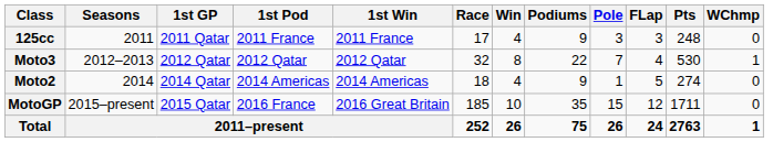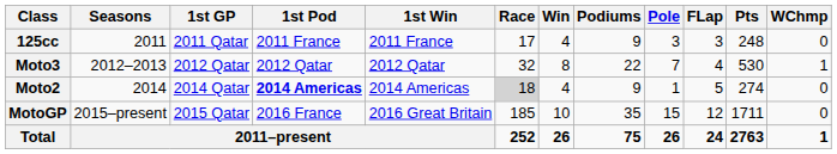 <table class="wikitable" style="text-align:right;">
 <tr>
 <th>Class</th>
 <th>Seasons</th>
 <th>1st GP</th>
 <th>1st Pod</th>
 <th>1st Win</th>
 <th>Race</th>
 <th>Win</th>
 <th>Podiums</th>
 <th><a href='#'>Pole</a></th>
 <th>FLap</th>
 <th>Pts</th>
 <th>WChmp</th>
 </tr>
 <tr>
 <th>125cc</th>
 <td>2011</td>
 <td style="text-align:left;"><a href='#'>2011 Qatar</a></td>
 <td style="text-align:left;"><a href='#'>2011 France</a></td>
 <td style="text-align:left;"><a href='#'>2011 France</a></td>
 <td>17</td>
 <td>4</td>
 <td>9</td>
 <td>3</td>
 <td>3</td>
 <td>248</td>
 <td>0</td>
 </tr>
 <tr>
 <th>Moto3</th>
 <td>2012–2013</td>
 <td style="text-align:left;"><a href='#'>2012 Qatar</a></td>
 <td style="text-align:left;"><a href='#'>2012 Qatar</a></td>
 <td style="text-align:left;"><a href='#'>2012 Qatar</a></td>
 <td>32</td>
 <td>8</td>
 <td>22</td>
 <td>7</td>
 <td>4</td>
 <td>530</td>
 <td>1</td>
 </tr>
 <tr>
 <th>Moto2</th>
 <td>2014</td>
 <td style="text-align:left;"><a href='#'>2014 Qatar</a></td>
+<td style="text-align:left;"><strong><a href='#'>2014 Americas</a></strong></td>
 <td style="text-align:left;"><a href='#'>2014 Americas</a></td>
-<td style="text-align:left;"><a href='#'>2014 Americas</a></td>
-<td>18</td>
+<td style="background: lightgrey;">18</td>
 <td>4</td>
 <td>9</td>
 <td>1</td>
 <td>5</td>
 <td>274</td>
 <td>0</td>
 </tr>
 <tr>
 <th>MotoGP</th>
 <td>2015–present</td>
 <td style="text-align:left;"><a href='#'>2015 Qatar</a></td>
 <td style="text-align:left;"><a href='#'>2016 France</a></td>
 <td style="text-align:left;"><a href='#'>2016 Great Britain</a></td>
 <td>185</td>
 <td>10</td>
 <td>35</td>
 <td>15</td>
 <td>12</td>
 <td>1711</td>
 <td>0</td>
 </tr>
 <tr>
 <th>Total</th>
 <th colspan="4">2011–present</th>
 <td><strong>252</strong></td>
 <td><strong>26</strong></td>
 <td><strong>75</strong></td>
 <td><strong>26</strong></td>
 <td><strong>24</strong></td>
 <td><strong>2763</strong></td>
 <td><strong>1</strong></td>
 </tr>
 </table>
